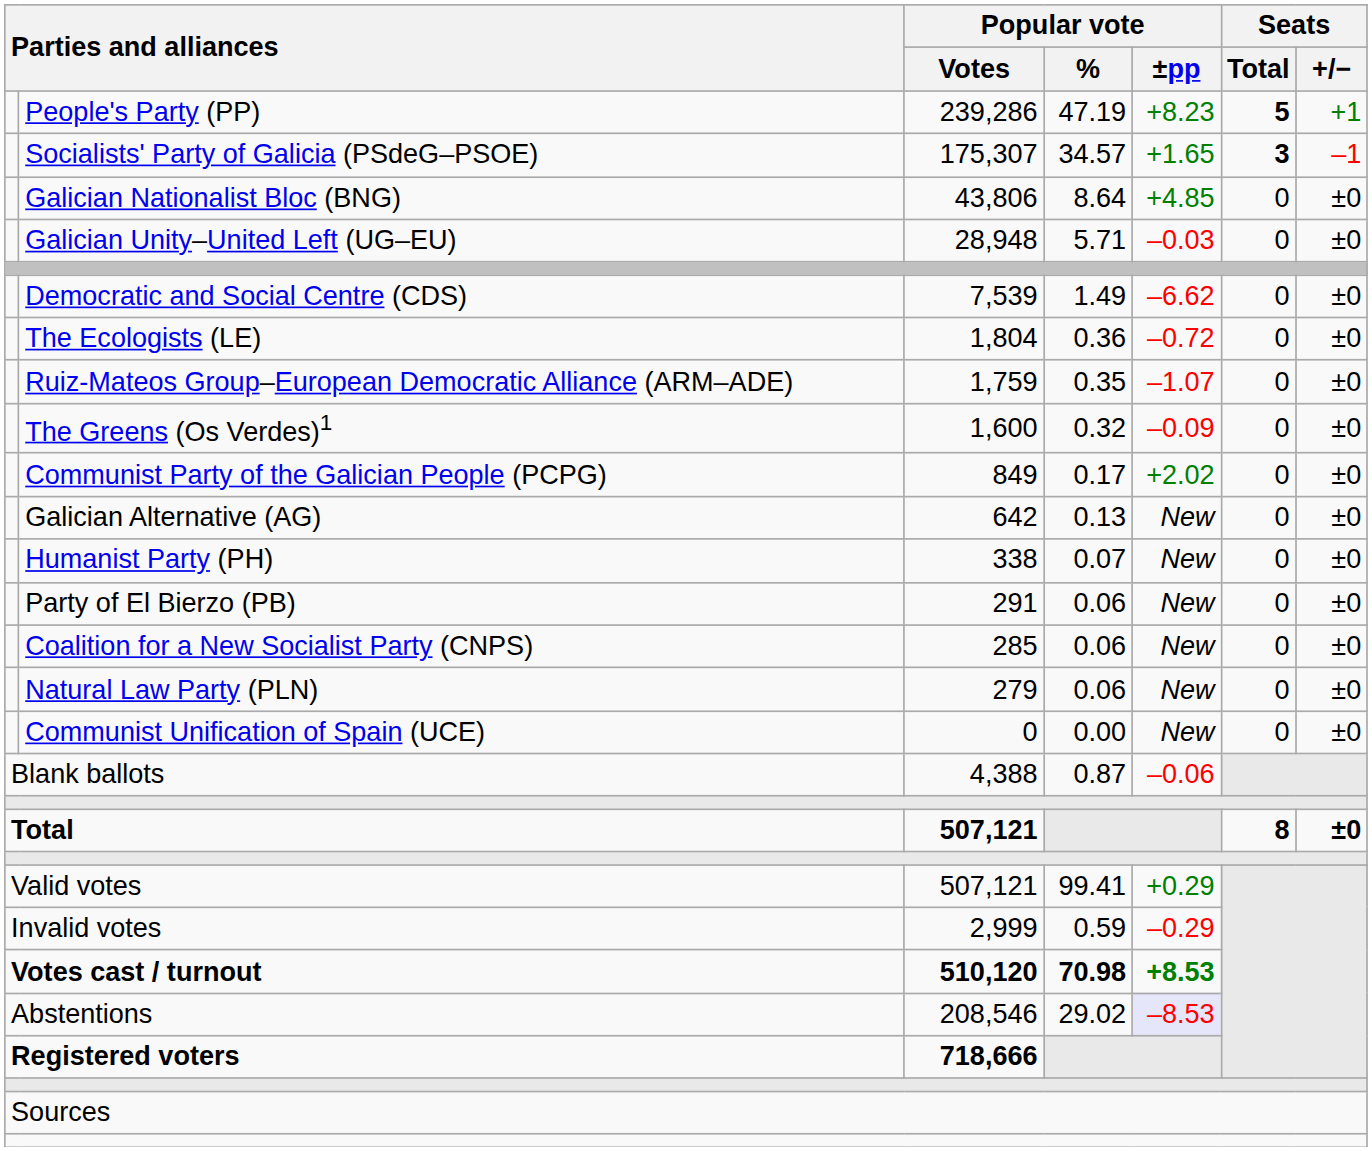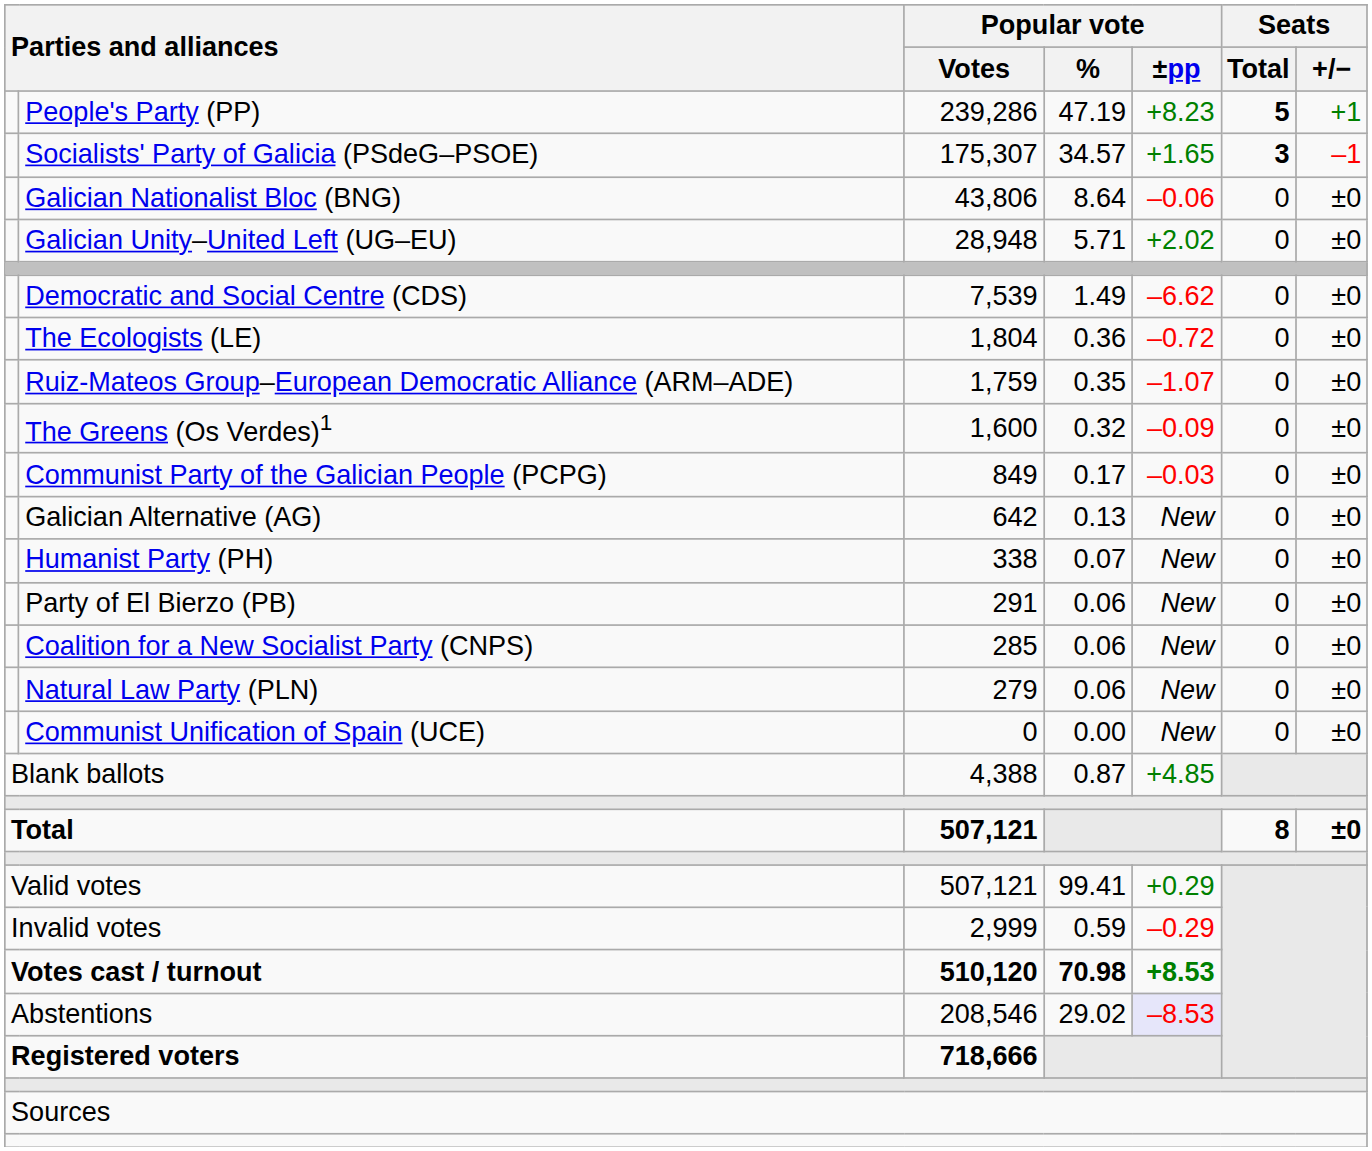 <table class="wikitable" style="text-align:right;">
 <tr>
 <th style="text-align:left;" rowspan="2" colspan="2" width="525">Parties and alliances</th>
 <th colspan="3">Popular vote</th>
 <th colspan="2">Seats</th>
 </tr>
 <tr>
 <th width="75">Votes</th>
 <th width="45">%</th>
 <th width="45">±<a href='#'>pp</a></th>
 <th width="35">Total</th>
 <th width="35">+/−</th>
 </tr>
 <tr>
 <td width="1" style="color:inherit;background:"></td>
 <td align="left"><a href='#'>People's Party</a> (PP)</td>
 <td>239,286</td>
 <td>47.19</td>
 <td style="color:green;">+8.23</td>
 <td><strong>5</strong></td>
 <td style="color:green;">+1</td>
 </tr>
 <tr>
 <td style="color:inherit;background:"></td>
 <td align="left"><a href='#'>Socialists' Party of Galicia</a> (PSdeG–PSOE)</td>
 <td>175,307</td>
 <td>34.57</td>
 <td style="color:green;">+1.65</td>
 <td><strong>3</strong></td>
 <td style="color:red;">–1</td>
 </tr>
 <tr>
 <td style="color:inherit;background:"></td>
 <td align="left"><a href='#'>Galician Nationalist Bloc</a> (BNG)</td>
 <td>43,806</td>
 <td>8.64</td>
-<td style="color:green;">+4.85</td>
+<td style="color:red;">–0.06</td>
 <td>0</td>
 <td>±0</td>
 </tr>
 <tr>
 <td style="color:inherit;background:"></td>
 <td align="left"><a href='#'>Galician Unity</a>–<a href='#'>United Left</a> (UG–EU)</td>
 <td>28,948</td>
 <td>5.71</td>
-<td style="color:red;">–0.03</td>
+<td style="color:green;">+2.02</td>
 <td>0</td>
 <td>±0</td>
 </tr>
 <tr>
 <td colspan="7" bgcolor="#C0C0C0"></td>
 </tr>
 <tr>
 <td style="color:inherit;background:"></td>
 <td align="left"><a href='#'>Democratic and Social Centre</a> (CDS)</td>
 <td>7,539</td>
 <td>1.49</td>
 <td style="color:red;">–6.62</td>
 <td>0</td>
 <td>±0</td>
 </tr>
 <tr>
 <td style="color:inherit;background:"></td>
 <td align="left"><a href='#'>The Ecologists</a> (LE)</td>
 <td>1,804</td>
 <td>0.36</td>
 <td style="color:red;">–0.72</td>
 <td>0</td>
 <td>±0</td>
 </tr>
 <tr>
 <td style="color:inherit;background:"></td>
 <td align="left"><a href='#'>Ruiz-Mateos Group</a>–<a href='#'>European Democratic Alliance</a> (ARM–ADE)</td>
 <td>1,759</td>
 <td>0.35</td>
 <td style="color:red;">–1.07</td>
 <td>0</td>
 <td>±0</td>
 </tr>
 <tr>
 <td style="color:inherit;background:"></td>
 <td align="left"><a href='#'>The Greens</a> (Os Verdes)<sup>1</sup></td>
 <td>1,600</td>
 <td>0.32</td>
 <td style="color:red;">–0.09</td>
 <td>0</td>
 <td>±0</td>
 </tr>
 <tr>
 <td style="color:inherit;background:"></td>
 <td align="left"><a href='#'>Communist Party of the Galician People</a> (PCPG)</td>
 <td>849</td>
 <td>0.17</td>
-<td style="color:green;">+2.02</td>
+<td style="color:red;">–0.03</td>
 <td>0</td>
 <td>±0</td>
 </tr>
 <tr>
 <td style="color:inherit;background:"></td>
 <td align="left">Galician Alternative (AG)</td>
 <td>642</td>
 <td>0.13</td>
 <td><em>New</em></td>
 <td>0</td>
 <td>±0</td>
 </tr>
 <tr>
 <td style="color:inherit;background:"></td>
 <td align="left"><a href='#'>Humanist Party</a> (PH)</td>
 <td>338</td>
 <td>0.07</td>
 <td><em>New</em></td>
 <td>0</td>
 <td>±0</td>
 </tr>
 <tr>
 <td style="color:inherit;background:"></td>
 <td align="left">Party of El Bierzo (PB)</td>
 <td>291</td>
 <td>0.06</td>
 <td><em>New</em></td>
 <td>0</td>
 <td>±0</td>
 </tr>
 <tr>
 <td style="color:inherit;background:"></td>
 <td align="left"><a href='#'>Coalition for a New Socialist Party</a> (CNPS)</td>
 <td>285</td>
 <td>0.06</td>
 <td><em>New</em></td>
 <td>0</td>
 <td>±0</td>
 </tr>
 <tr>
 <td style="color:inherit;background:"></td>
 <td align="left"><a href='#'>Natural Law Party</a> (PLN)</td>
 <td>279</td>
 <td>0.06</td>
 <td><em>New</em></td>
 <td>0</td>
 <td>±0</td>
 </tr>
 <tr>
 <td style="color:inherit;background:"></td>
 <td align="left"><a href='#'>Communist Unification of Spain</a> (UCE)</td>
 <td>0</td>
 <td>0.00</td>
 <td><em>New</em></td>
 <td>0</td>
 <td>±0</td>
 </tr>
 <tr>
 <td align="left" colspan="2">Blank ballots</td>
 <td>4,388</td>
 <td>0.87</td>
-<td style="color:red;">–0.06</td>
+<td style="color:green;">+4.85</td>
 <td bgcolor="#E9E9E9" colspan="2"></td>
 </tr>
 <tr>
 <td colspan="7" bgcolor="#E9E9E9"></td>
 </tr>
 <tr style="font-weight:bold;">
 <td align="left" colspan="2">Total</td>
 <td>507,121</td>
 <td bgcolor="#E9E9E9" colspan="2"></td>
 <td>8</td>
 <td>±0</td>
 </tr>
 <tr>
 <td colspan="7" bgcolor="#E9E9E9"></td>
 </tr>
 <tr>
 <td align="left" colspan="2">Valid votes</td>
 <td>507,121</td>
 <td>99.41</td>
 <td style="color:green;">+0.29</td>
 <td bgcolor="#E9E9E9" colspan="2" rowspan="5"></td>
 </tr>
 <tr>
 <td align="left" colspan="2">Invalid votes</td>
 <td>2,999</td>
 <td>0.59</td>
 <td style="color:red;">–0.29</td>
 </tr>
 <tr style="font-weight:bold;">
 <td align="left" colspan="2">Votes cast / turnout</td>
 <td>510,120</td>
 <td>70.98</td>
 <td style="color:green;">+8.53</td>
 </tr>
 <tr>
 <td align="left" colspan="2">Abstentions</td>
 <td>208,546</td>
 <td>29.02</td>
 <td style="background: lavender; color:red;">–8.53</td>
 </tr>
 <tr style="font-weight:bold;">
 <td align="left" colspan="2">Registered voters</td>
 <td>718,666</td>
 <td bgcolor="#E9E9E9" colspan="2"></td>
 </tr>
 <tr>
 <td colspan="7" bgcolor="#E9E9E9"></td>
 </tr>
 <tr>
 <td align="left" colspan="7">Sources</td>
 </tr>
 <tr>
 <td colspan="7" style="text-align:left; max-width:790px;"></td>
 </tr>
 </table>
